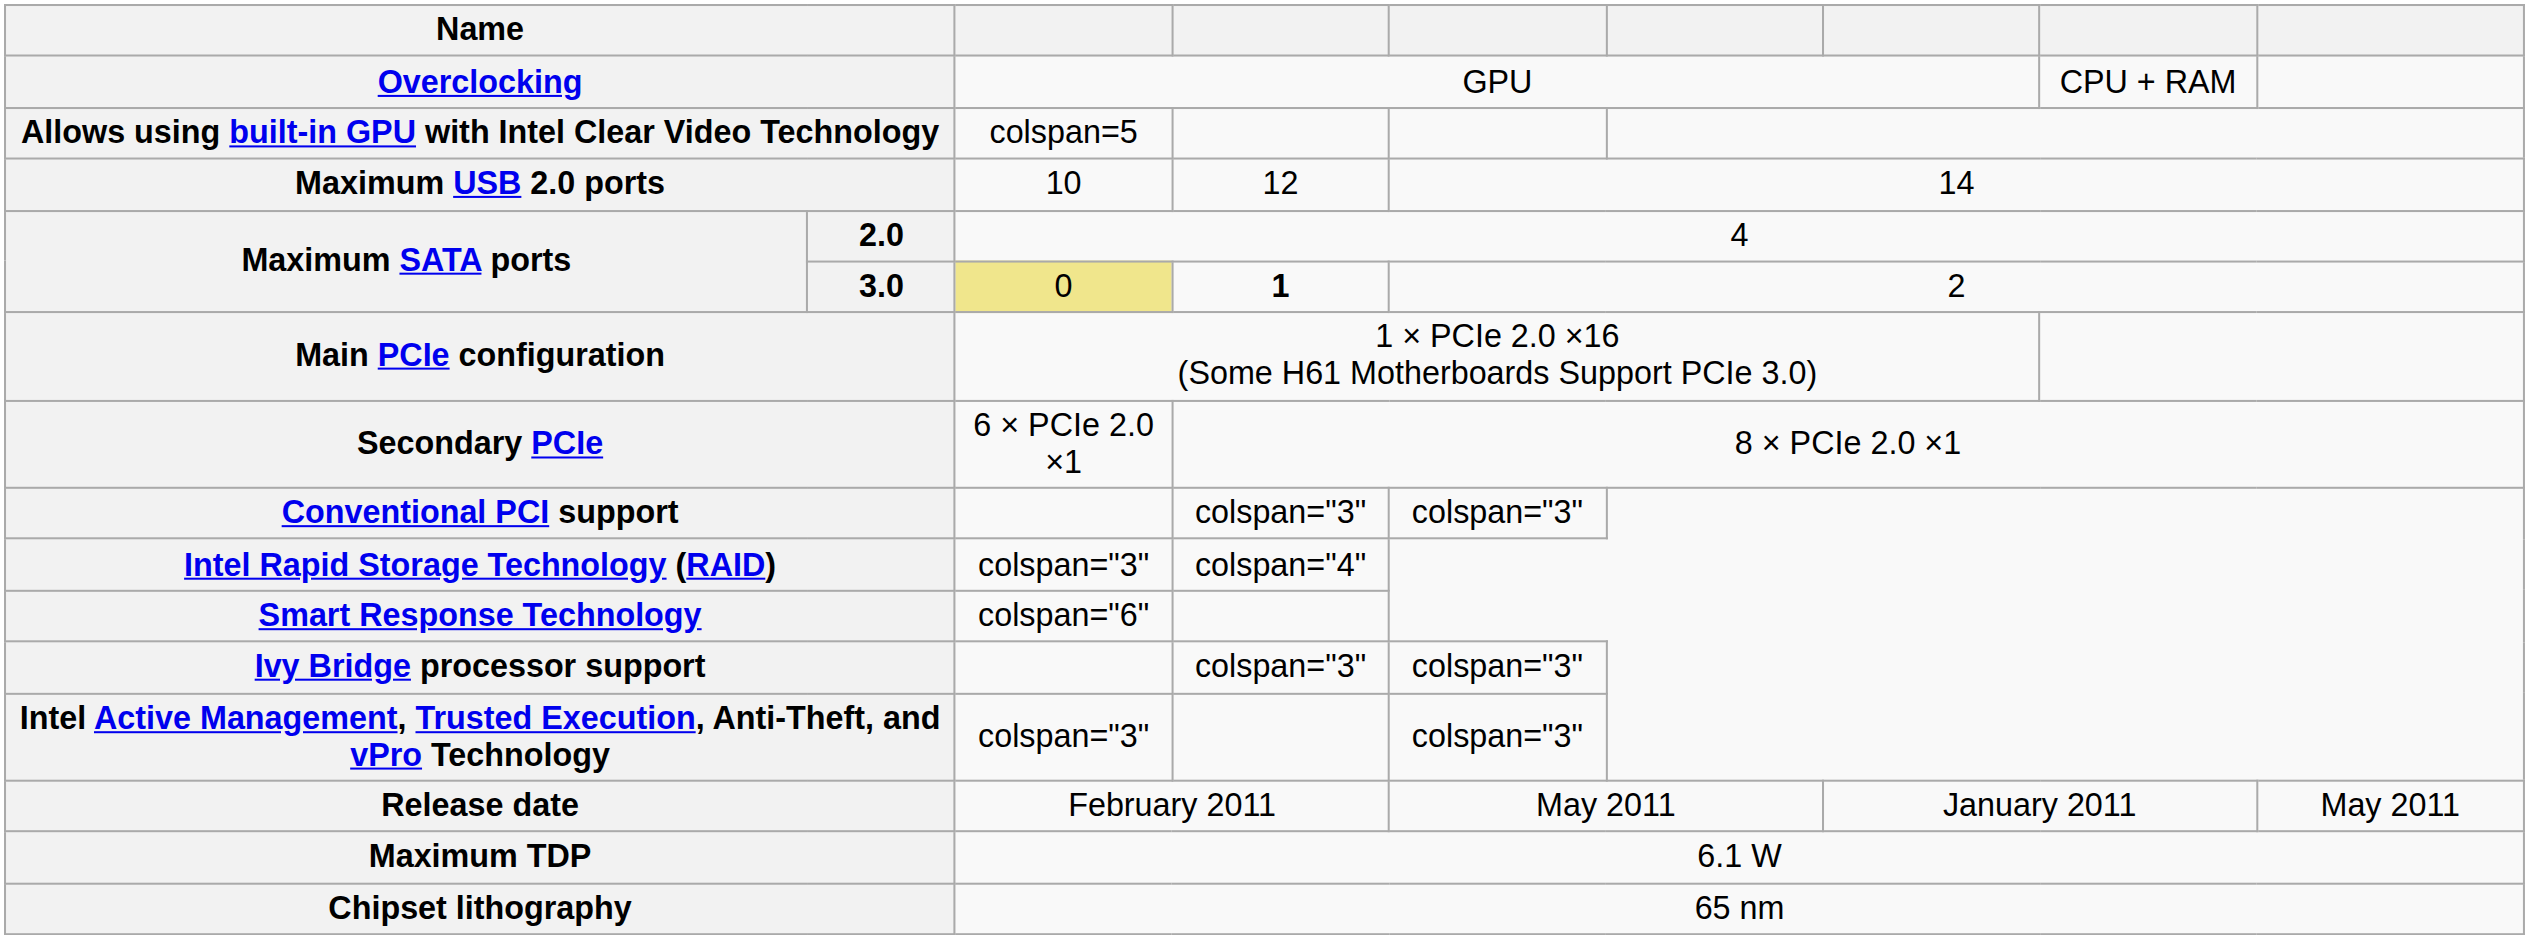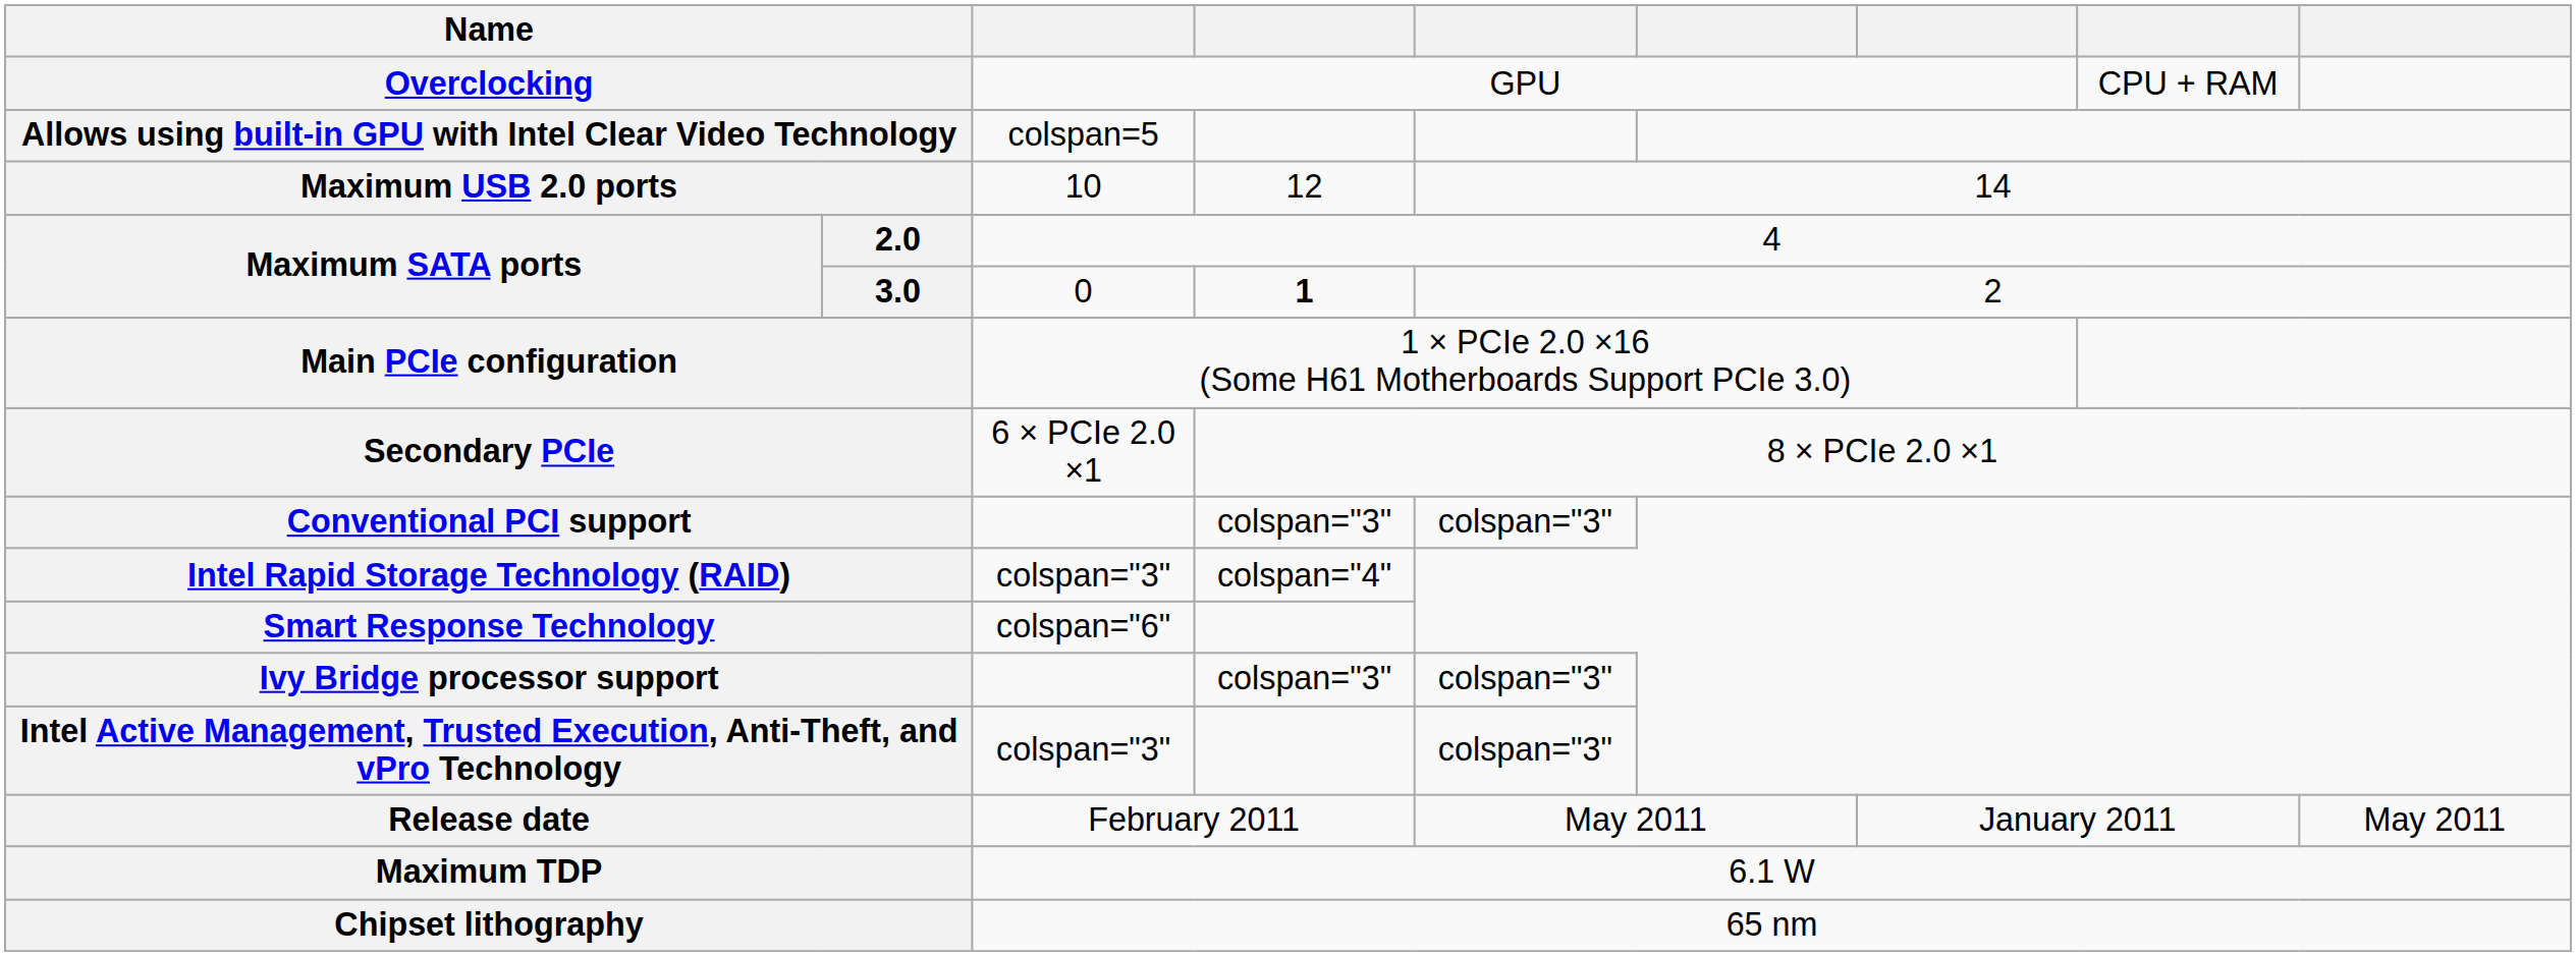 <table class="wikitable sticky-header" style="text-align: center">
 <tr>
 <th colspan="2" style="width:250px;">Name</th>
 <th style="width:100px;"></th>
 <th style="width:100px;"></th>
 <th style="width:100px;"></th>
 <th style="width:100px;"></th>
 <th style="width:100px;"></th>
 <th style="width:100px;"></th>
 <th style="width:125px;"></th>
 </tr>
 <tr>
 <th colspan="2"><a href='#'>Overclocking</a></th>
 <td colspan="5">GPU</td>
 <td>CPU + RAM</td>
 <td></td>
 </tr>
 <tr>
 <th colspan="2">Allows using <a href='#'>built-in GPU</a> with Intel Clear Video Technology</th>
 <td>colspan=5 </td>
 <td></td>
 <td></td>
 </tr>
 <tr>
 <th colspan="2">Maximum <a href='#'>USB</a> 2.0 ports</th>
 <td>10</td>
 <td>12</td>
 <td colspan="5">14</td>
 </tr>
 <tr>
 <th rowspan="2">Maximum <a href='#'>SATA</a> ports</th>
 <th>2.0</th>
 <td colspan="7">4</td>
 </tr>
 <tr>
 <th>3.0</th>
-<td style="background: khaki;">0</td>
+<td>0</td>
 <td><strong>1</strong></td>
 <td colspan="5">2</td>
 </tr>
 <tr>
 <th colspan="2">Main <a href='#'>PCIe</a> configuration</th>
 <td colspan="5">1 × PCIe 2.0 ×16<br>(Some H61 Motherboards Support PCIe 3.0)</td>
 <td colspan="2"></td>
 </tr>
 <tr>
 <th colspan="2">Secondary <a href='#'>PCIe</a></th>
 <td>6 × PCIe 2.0 ×1</td>
 <td colspan="6">8 × PCIe 2.0 ×1</td>
 </tr>
 <tr>
 <th colspan="2"><a href='#'>Conventional PCI</a> support</th>
 <td></td>
 <td>colspan="3" </td>
 <td>colspan="3" </td>
 </tr>
 <tr>
 <th colspan="2"><a href='#'>Intel Rapid Storage Technology</a> (<a href='#'>RAID</a>)</th>
 <td>colspan="3" </td>
 <td>colspan="4" </td>
 </tr>
 <tr>
 <th colspan="2"><a href='#'>Smart Response Technology</a></th>
 <td>colspan="6" </td>
 <td></td>
 </tr>
 <tr>
 <th colspan="2"><a href='#'>Ivy Bridge</a> processor support</th>
 <td></td>
 <td>colspan="3" </td>
 <td>colspan="3" </td>
 </tr>
 <tr>
 <th colspan="2">Intel <a href='#'>Active Management</a>, <a href='#'>Trusted Execution</a>, Anti-Theft, and <a href='#'>vPro</a> Technology</th>
 <td>colspan="3" </td>
 <td></td>
 <td>colspan="3" </td>
 </tr>
 <tr>
 <th colspan="2">Release date</th>
 <td colspan="2">February 2011</td>
 <td colspan="2">May 2011</td>
 <td colspan="2">January 2011</td>
 <td>May 2011</td>
 </tr>
 <tr>
 <th colspan="2">Maximum TDP</th>
 <td colspan="7">6.1 W</td>
 </tr>
 <tr>
 <th colspan="2">Chipset lithography</th>
 <td colspan="7">65 nm</td>
 </tr>
 </table>
